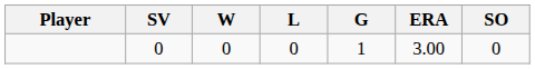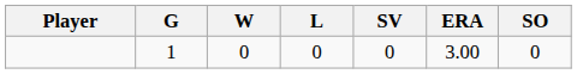 <table class="wikitable sortable">
 <tr>
 <th bgcolor="#DDDDFF" width="16%">Player</th>
-<th bgcolor="#DDDDFF" width="9%">SV</th>
+<th bgcolor="#DDDDFF" width="9%">G</th>
 <th bgcolor="#DDDDFF" width="9%">W</th>
 <th bgcolor="#DDDDFF" width="9%">L</th>
-<th bgcolor="#DDDDFF" width="9%">G</th>
+<th bgcolor="#DDDDFF" width="9%">SV</th>
 <th bgcolor="#DDDDFF" width="9%">ERA</th>
 <th bgcolor="#DDDDFF" width="9%">SO</th>
 </tr>
 <tr align="center">
 <td></td>
+<td>1</td>
 <td>0</td>
 <td>0</td>
 <td>0</td>
-<td>1</td>
 <td>3.00</td>
 <td>0</td>
 </tr>
 </table>
